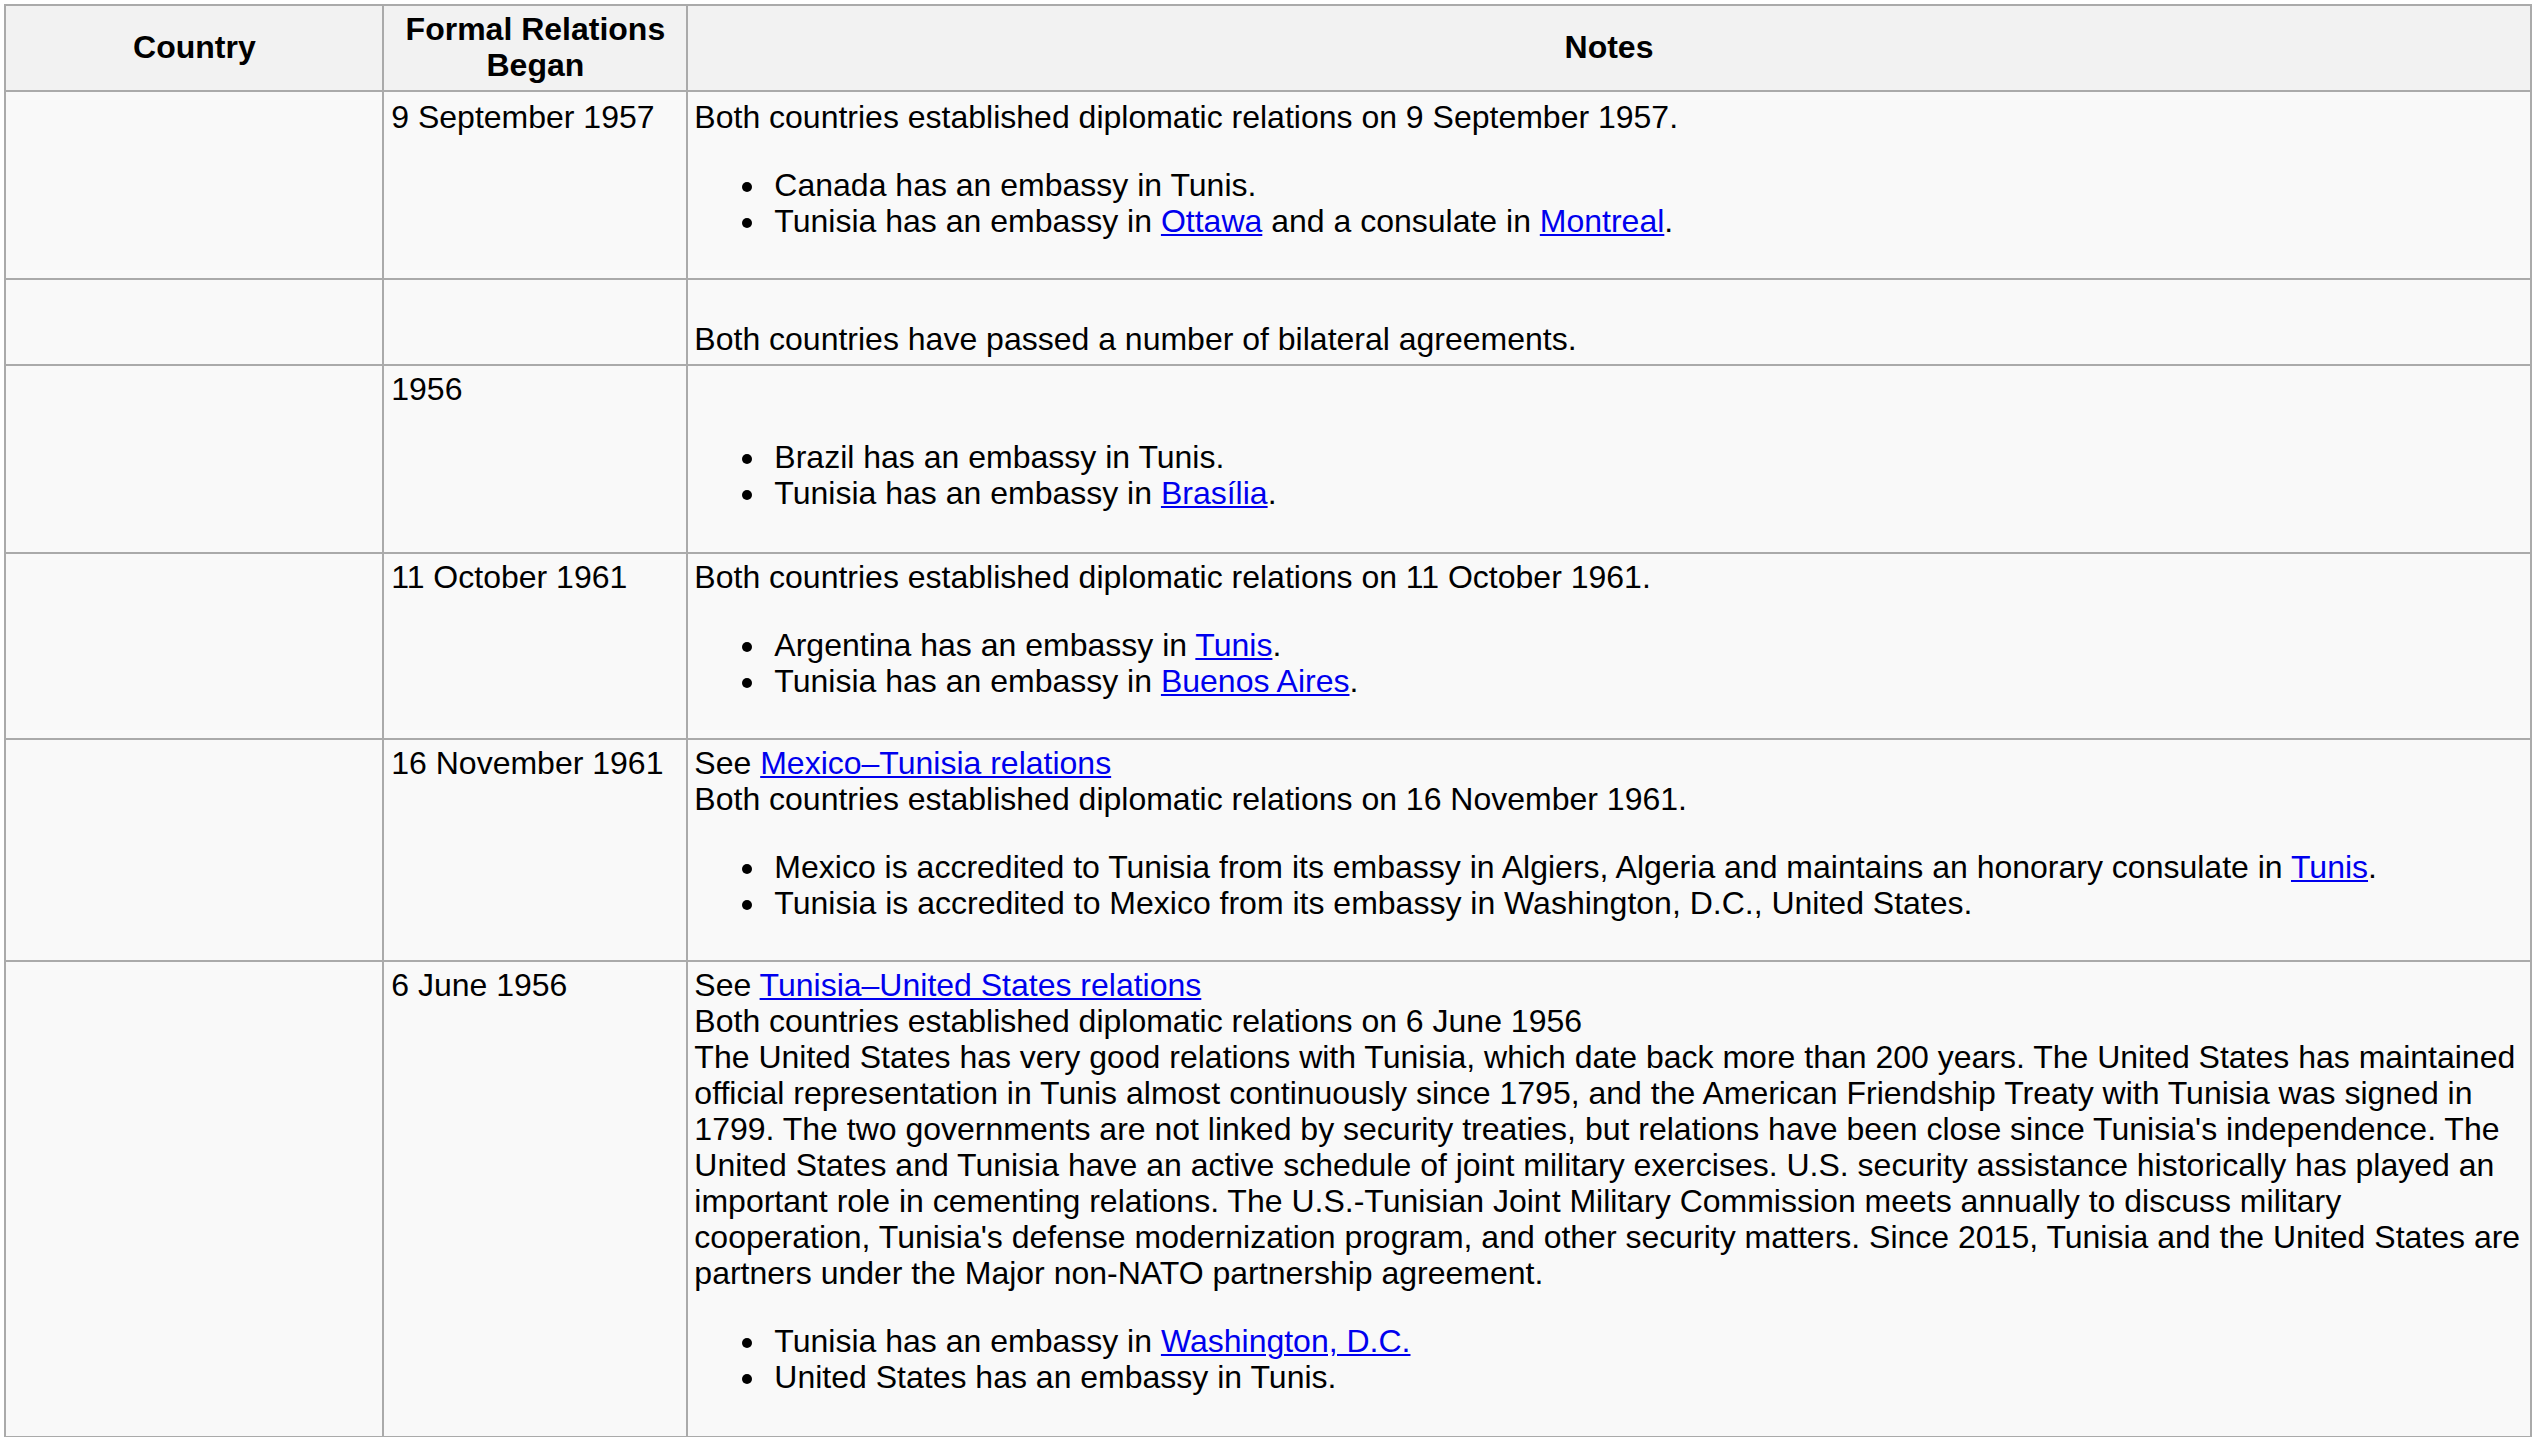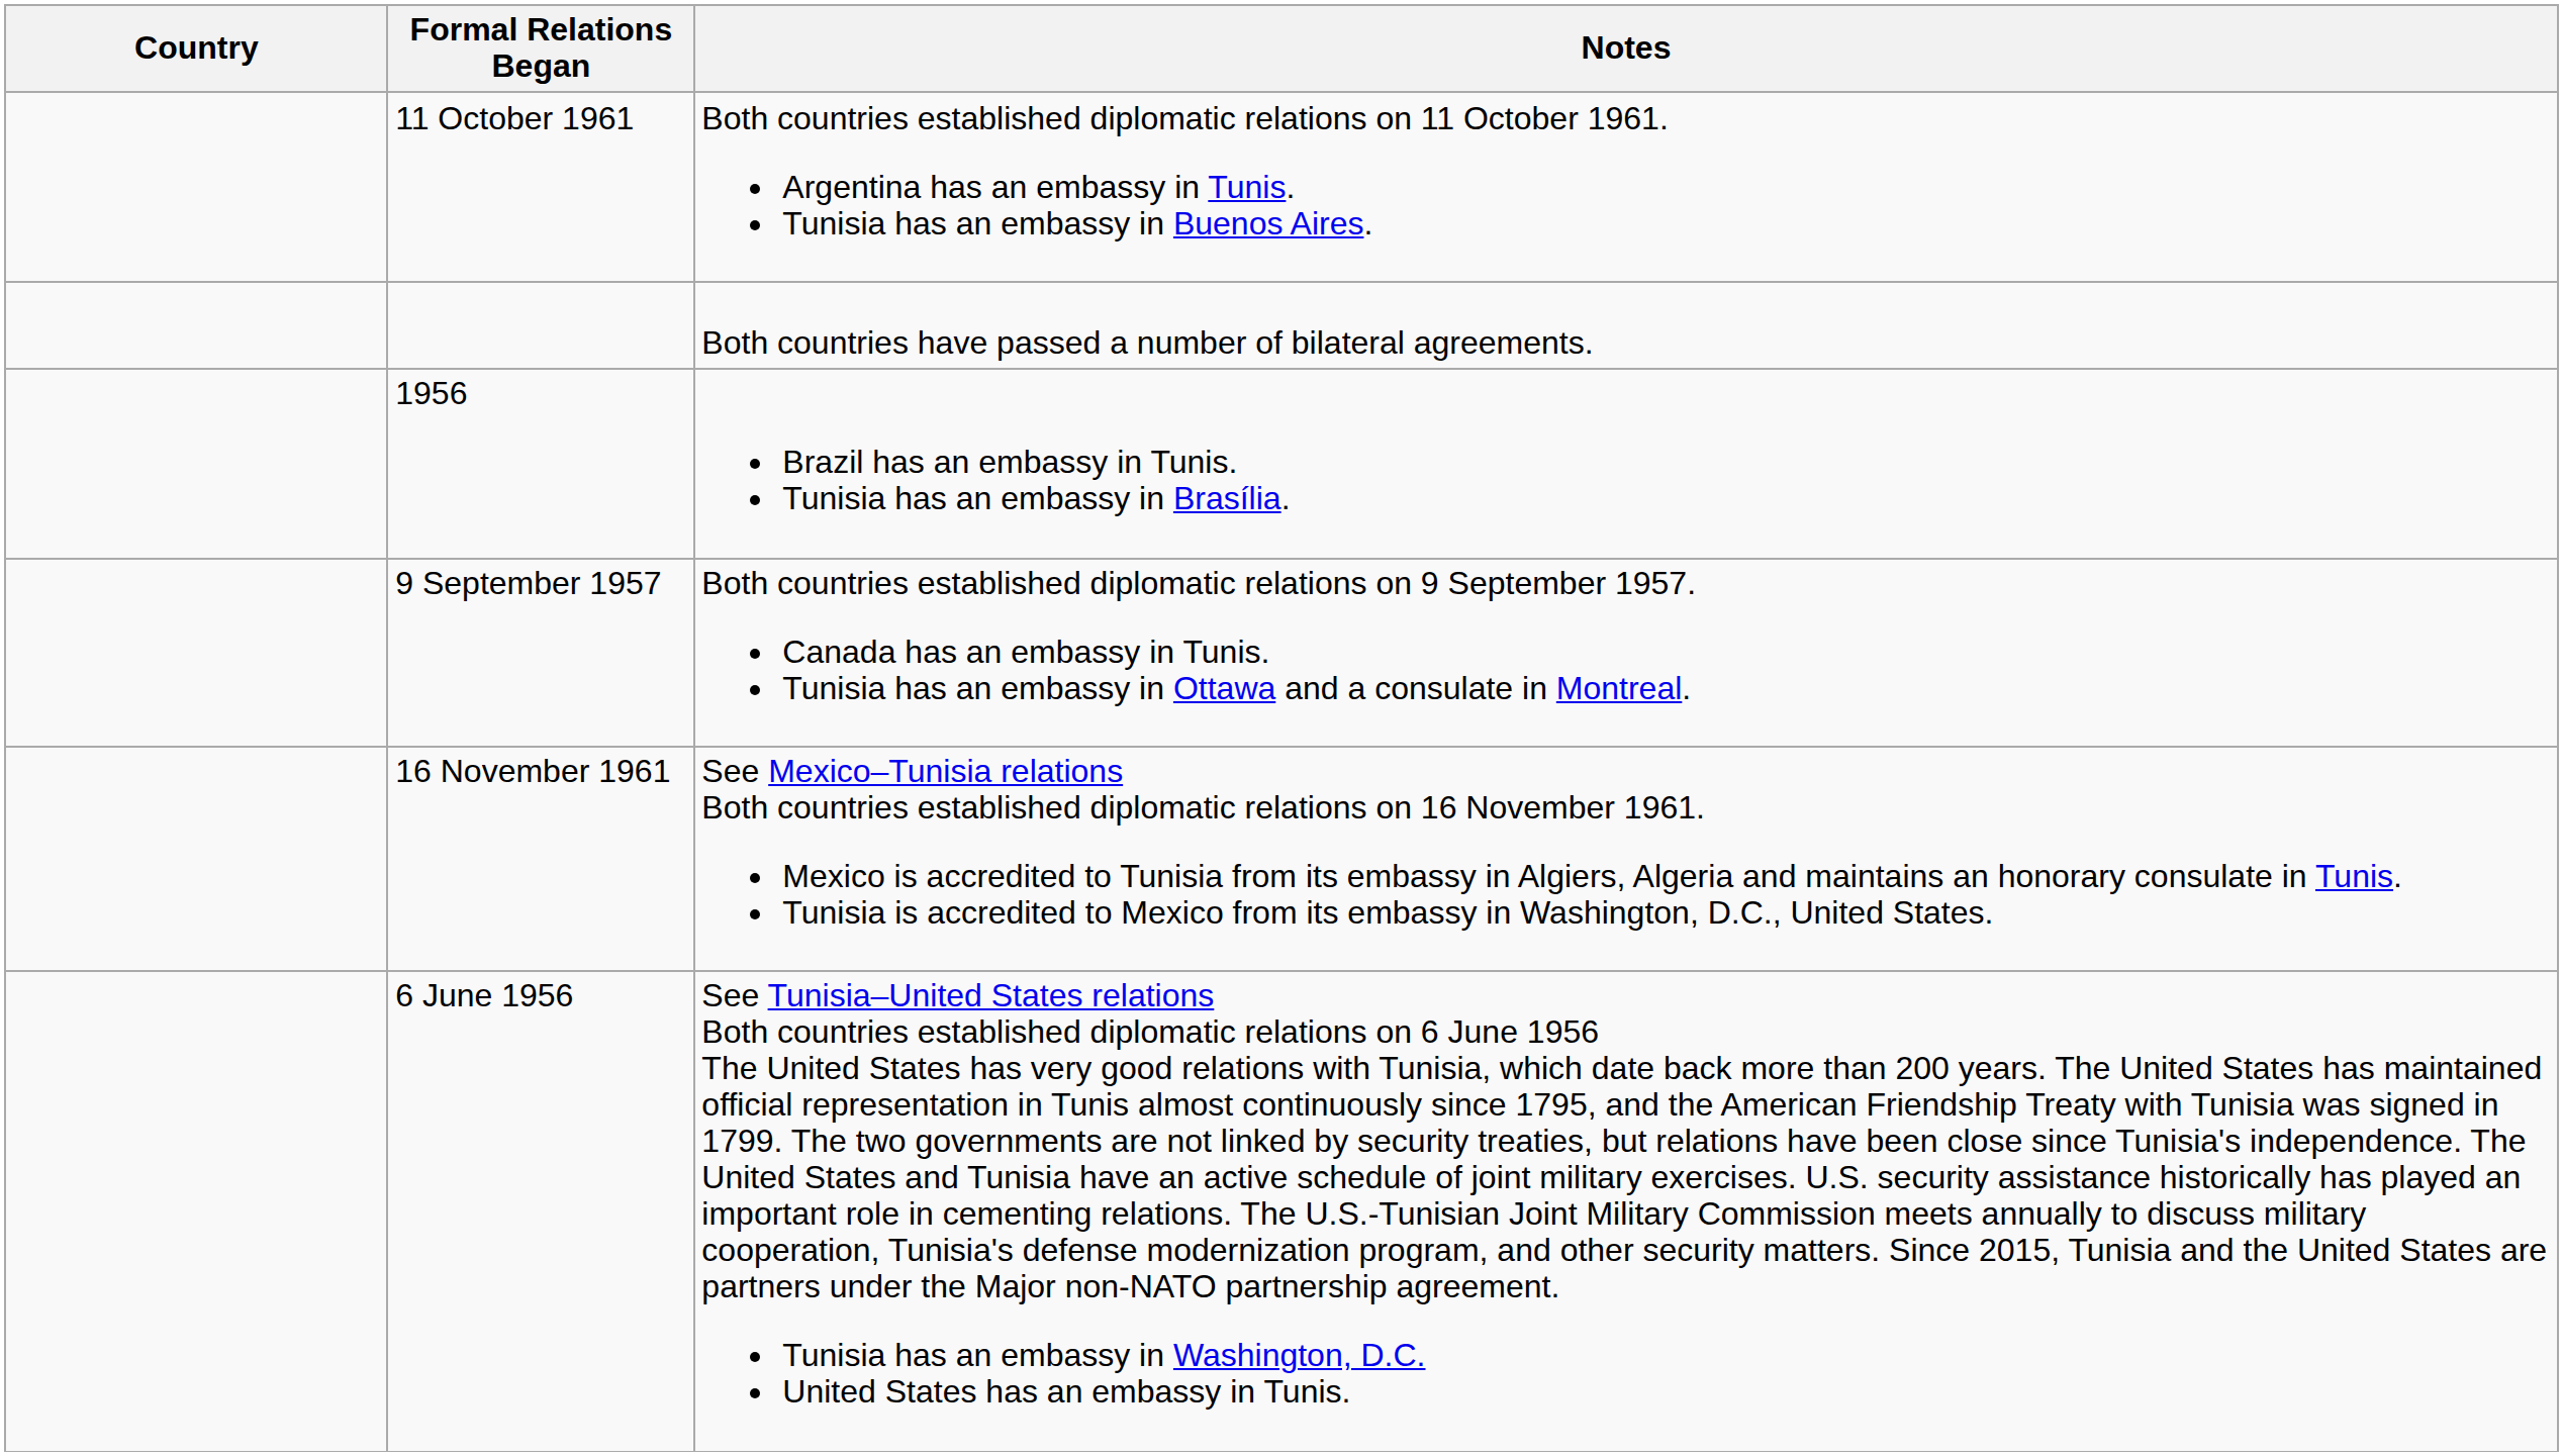 <table class="wikitable sortable" style="width:100%; margin:auto;">
 <tr>
 <th style="width:15%;">Country</th>
 <th style="width:12%;">Formal Relations Began</th>
 <th>Notes</th>
 </tr>
 <tr valign="top">
 <td></td>
-<td>9 September 1957</td>
-<td>Both countries established diplomatic relations on 9 September 1957.<br><ul><li>Canada has an embassy in Tunis.</li><li>Tunisia has an embassy in <a href='#'>Ottawa</a> and a consulate in <a href='#'>Montreal</a>.</li></ul></td>
+<td>11 October 1961</td>
+<td>Both countries established diplomatic relations on 11 October 1961.<br><ul><li>Argentina has an embassy in <a href='#'>Tunis</a>.</li><li>Tunisia has an embassy in <a href='#'>Buenos Aires</a>.</li></ul></td>
 </tr>
 <tr valign="top">
 <td></td>
 <td></td>
 <td><br>Both countries have passed a number of bilateral agreements.</td>
 </tr>
 <tr valign="top">
 <td></td>
 <td>1956</td>
 <td><br><ul><li>Brazil has an embassy in Tunis.</li><li>Tunisia has an embassy in <a href='#'>Brasília</a>.</li></ul></td>
 </tr>
 <tr valign="top">
 <td></td>
-<td>11 October 1961</td>
-<td>Both countries established diplomatic relations on 11 October 1961.<br><ul><li>Argentina has an embassy in <a href='#'>Tunis</a>.</li><li>Tunisia has an embassy in <a href='#'>Buenos Aires</a>.</li></ul></td>
+<td>9 September 1957</td>
+<td>Both countries established diplomatic relations on 9 September 1957.<br><ul><li>Canada has an embassy in Tunis.</li><li>Tunisia has an embassy in <a href='#'>Ottawa</a> and a consulate in <a href='#'>Montreal</a>.</li></ul></td>
 </tr>
 <tr valign="top">
 <td></td>
 <td>16 November 1961</td>
 <td>See <a href='#'>Mexico–Tunisia relations</a><br>Both countries established diplomatic relations on 16 November 1961.<ul><li>Mexico is accredited to Tunisia from its embassy in Algiers, Algeria and maintains an honorary consulate in <a href='#'>Tunis</a>.</li><li>Tunisia is accredited to Mexico from its embassy in Washington, D.C., United States.</li></ul></td>
 </tr>
 <tr valign="top">
 <td></td>
 <td>6 June 1956</td>
 <td>See <a href='#'>Tunisia–United States relations</a><br>Both countries established diplomatic relations on 6 June 1956 <br>The United States has very good relations with Tunisia, which date back more than 200 years. The United States has maintained official representation in Tunis almost continuously since 1795, and the American Friendship Treaty with Tunisia was signed in 1799. The two governments are not linked by security treaties, but relations have been close since Tunisia's independence. The United States and Tunisia have an active schedule of joint military exercises. U.S. security assistance historically has played an important role in cementing relations. The U.S.-Tunisian Joint Military Commission meets annually to discuss military cooperation, Tunisia's defense modernization program, and other security matters. Since 2015, Tunisia and the United States are partners under the Major non-NATO partnership agreement.<ul><li>Tunisia has an embassy in <a href='#'>Washington, D.C.</a></li><li>United States has an embassy in Tunis.</li></ul></td>
 </tr>
 </table>
